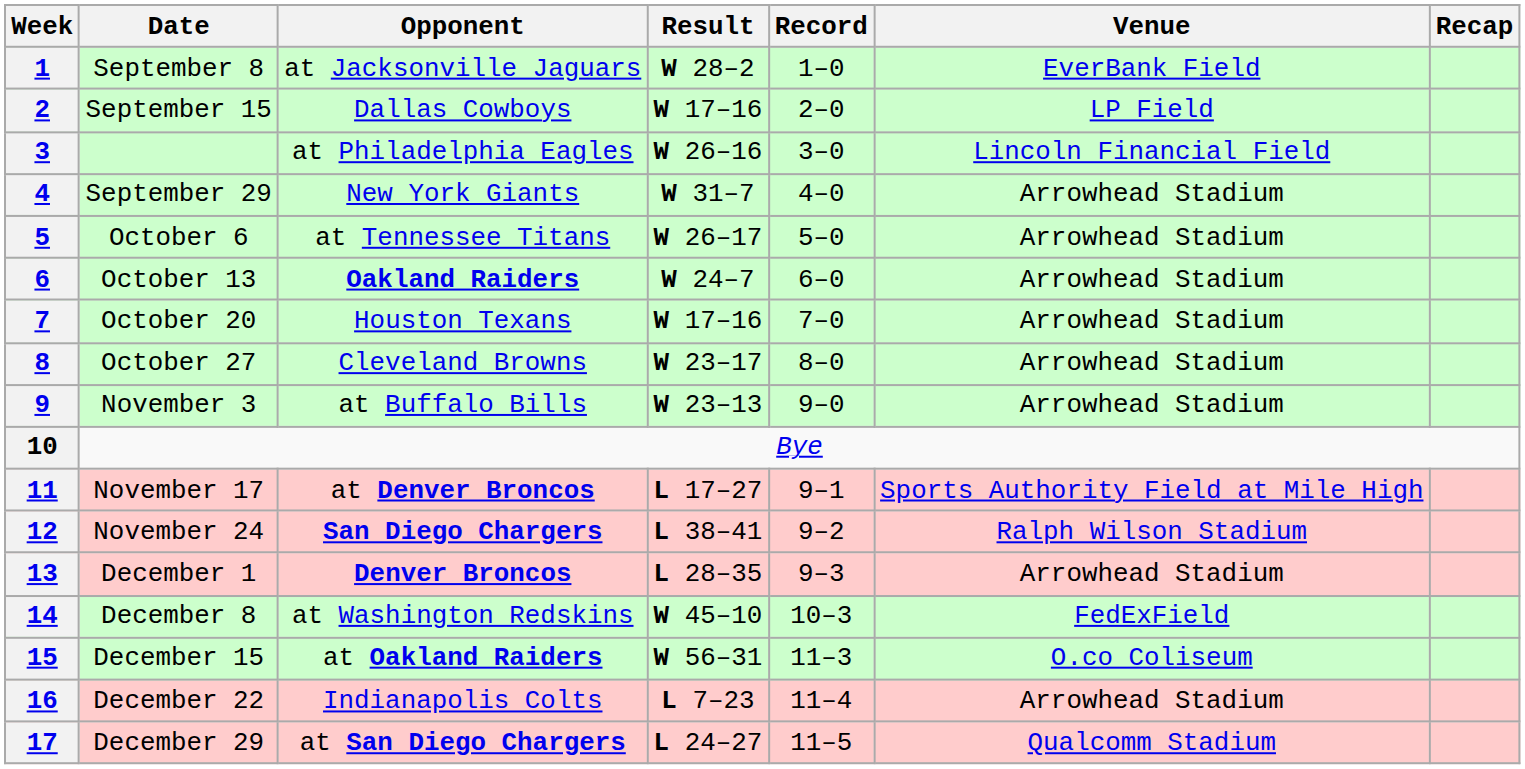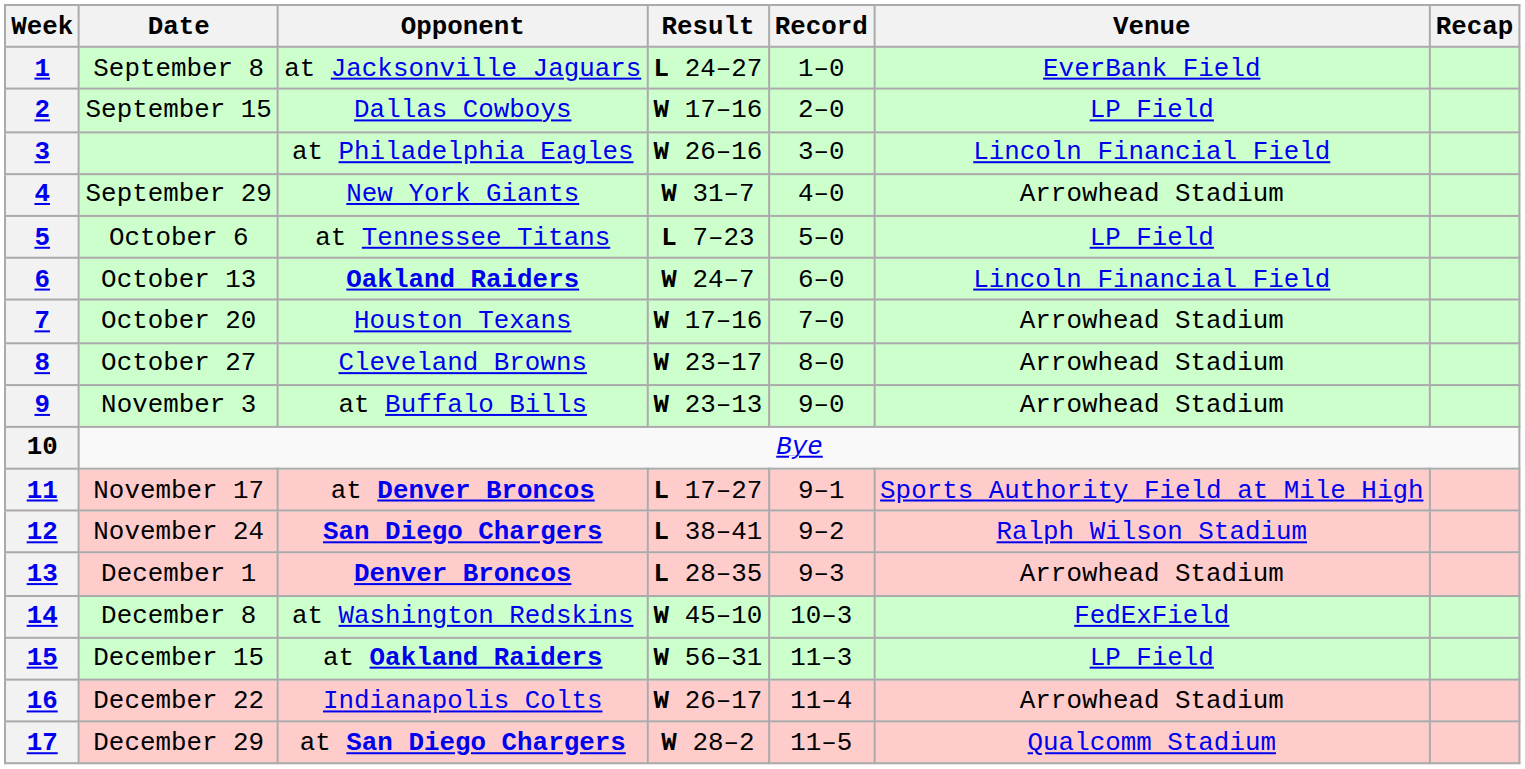 <table class="wikitable" style="text-align:center">
 <tr>
 <th>Week</th>
 <th>Date</th>
 <th>Opponent</th>
 <th>Result</th>
 <th>Record</th>
 <th>Venue</th>
 <th>Recap</th>
 </tr>
 <tr style="background:#cfc">
 <th><a href='#'>1</a></th>
 <td>September 8</td>
 <td>at <a href='#'>Jacksonville Jaguars</a></td>
-<td><strong>W</strong> 28–2</td>
+<td><strong>L</strong> 24–27 </td>
 <td>1–0</td>
 <td><a href='#'>EverBank Field</a></td>
 <td></td>
 </tr>
 <tr style="background:#cfc">
 <th><a href='#'>2</a></th>
 <td>September 15</td>
 <td><a href='#'>Dallas Cowboys</a></td>
 <td><strong>W</strong> 17–16</td>
 <td>2–0</td>
 <td><a href='#'>LP Field</a></td>
 <td></td>
 </tr>
 <tr style="background:#cfc">
 <th><a href='#'>3</a></th>
 <td></td>
 <td>at <a href='#'>Philadelphia Eagles</a></td>
 <td><strong>W</strong> 26–16</td>
 <td>3–0</td>
 <td><a href='#'>Lincoln Financial Field</a></td>
 <td></td>
 </tr>
 <tr style="background:#cfc">
 <th><a href='#'>4</a></th>
 <td>September 29</td>
 <td><a href='#'>New York Giants</a></td>
 <td><strong>W</strong> 31–7</td>
 <td>4–0</td>
 <td>Arrowhead Stadium</td>
 <td></td>
 </tr>
 <tr style="background:#cfc">
 <th><a href='#'>5</a></th>
 <td>October 6</td>
 <td>at <a href='#'>Tennessee Titans</a></td>
-<td><strong>W</strong> 26–17</td>
+<td><strong>L</strong> 7–23</td>
 <td>5–0</td>
-<td>Arrowhead Stadium</td>
+<td><a href='#'>LP Field</a></td>
 <td></td>
 </tr>
 <tr style="background:#cfc">
 <th><a href='#'>6</a></th>
 <td>October 13</td>
 <td><strong><a href='#'>Oakland Raiders</a></strong></td>
 <td><strong>W</strong> 24–7</td>
 <td>6–0</td>
-<td>Arrowhead Stadium</td>
+<td><a href='#'>Lincoln Financial Field</a></td>
 <td></td>
 </tr>
 <tr style="background:#cfc">
 <th><a href='#'>7</a></th>
 <td>October 20</td>
 <td><a href='#'>Houston Texans</a></td>
 <td><strong>W</strong> 17–16</td>
 <td>7–0</td>
 <td>Arrowhead Stadium</td>
 <td></td>
 </tr>
 <tr style="background:#cfc">
 <th><a href='#'>8</a></th>
 <td>October 27</td>
 <td><a href='#'>Cleveland Browns</a></td>
 <td><strong>W</strong> 23–17</td>
 <td>8–0</td>
 <td>Arrowhead Stadium</td>
 <td></td>
 </tr>
 <tr style="background:#cfc">
 <th><a href='#'>9</a></th>
 <td>November 3</td>
 <td>at <a href='#'>Buffalo Bills</a></td>
 <td><strong>W</strong> 23–13</td>
 <td>9–0</td>
 <td>Arrowhead Stadium</td>
 <td></td>
 </tr>
 <tr>
 <th>10</th>
 <td colspan="6"><em><a href='#'>Bye</a></em></td>
 </tr>
 <tr style="background:#fcc">
 <th><a href='#'>11</a></th>
 <td>November 17</td>
 <td>at <strong><a href='#'>Denver Broncos</a></strong></td>
 <td><strong>L</strong> 17–27</td>
 <td>9–1</td>
 <td><a href='#'>Sports Authority Field at Mile High</a></td>
 <td></td>
 </tr>
 <tr style="background:#fcc">
 <th><a href='#'>12</a></th>
 <td>November 24</td>
 <td><strong><a href='#'>San Diego Chargers</a></strong></td>
 <td><strong>L</strong> 38–41</td>
 <td>9–2</td>
 <td><a href='#'>Ralph Wilson Stadium</a></td>
 <td></td>
 </tr>
 <tr style="background:#fcc">
 <th><a href='#'>13</a></th>
 <td>December 1</td>
 <td><strong><a href='#'>Denver Broncos</a></strong></td>
 <td><strong>L</strong> 28–35</td>
 <td>9–3</td>
 <td>Arrowhead Stadium</td>
 <td></td>
 </tr>
 <tr style="background:#cfc">
 <th><a href='#'>14</a></th>
 <td>December 8</td>
 <td>at <a href='#'>Washington Redskins</a></td>
 <td><strong>W</strong> 45–10</td>
 <td>10–3</td>
 <td><a href='#'>FedExField</a></td>
 <td></td>
 </tr>
 <tr style="background:#cfc">
 <th><a href='#'>15</a></th>
 <td>December 15</td>
 <td>at <strong><a href='#'>Oakland Raiders</a></strong></td>
 <td><strong>W</strong> 56–31</td>
 <td>11–3</td>
-<td><a href='#'>O.co Coliseum</a></td>
+<td><a href='#'>LP Field</a></td>
 <td></td>
 </tr>
 <tr style="background:#fcc">
 <th><a href='#'>16</a></th>
 <td>December 22</td>
 <td><a href='#'>Indianapolis Colts</a></td>
-<td><strong>L</strong> 7–23</td>
+<td><strong>W</strong> 26–17</td>
 <td>11–4</td>
 <td>Arrowhead Stadium</td>
 <td></td>
 </tr>
 <tr style="background:#fcc">
 <th><a href='#'>17</a></th>
 <td>December 29</td>
 <td>at <strong><a href='#'>San Diego Chargers</a></strong></td>
-<td><strong>L</strong> 24–27 </td>
+<td><strong>W</strong> 28–2</td>
 <td>11–5</td>
 <td><a href='#'>Qualcomm Stadium</a></td>
 <td></td>
 </tr>
 </table>
